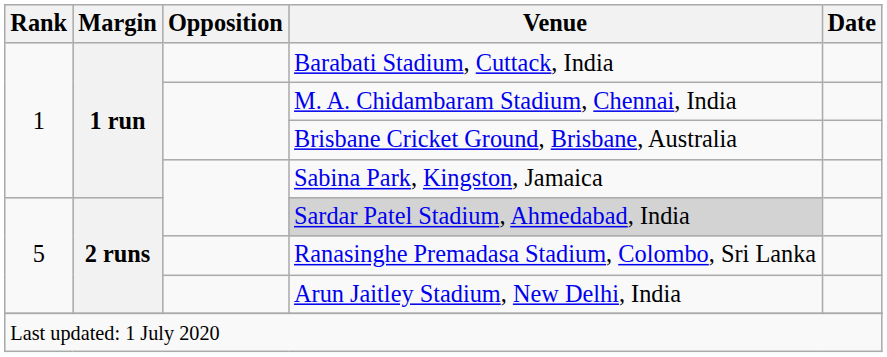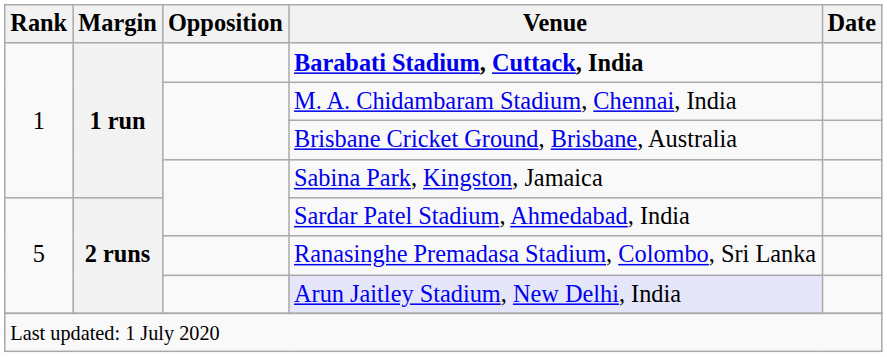 <table class="wikitable sortable">
 <tr>
 <th scope=col>Rank</th>
 <th scope=col>Margin</th>
 <th scope=col>Opposition</th>
 <th scope=col>Venue</th>
 <th scope=col>Date</th>
 </tr>
 <tr>
 <td align=center rowspan=4>1</td>
 <th scope=row style="text-align:center;" rowspan=4>1 run</th>
 <td></td>
-<td><a href='#'>Barabati Stadium</a>, <a href='#'>Cuttack</a>, India</td>
+<td><strong><a href='#'>Barabati Stadium</a>, <a href='#'>Cuttack</a>, India</strong></td>
 <td></td>
 </tr>
 <tr>
 <td rowspan=2></td>
 <td><a href='#'>M. A. Chidambaram Stadium</a>, <a href='#'>Chennai</a>, India</td>
 <td> </td>
 </tr>
 <tr>
 <td><a href='#'>Brisbane Cricket Ground</a>, <a href='#'>Brisbane</a>, Australia</td>
 <td> </td>
 </tr>
 <tr>
 <td rowspan=2></td>
 <td><a href='#'>Sabina Park</a>, <a href='#'>Kingston</a>, Jamaica</td>
 <td></td>
 </tr>
 <tr>
 <td align=center rowspan=3>5</td>
 <th scope=row style=text-align:center; rowspan=3>2 runs</th>
-<td style="background: lightgrey;"><a href='#'>Sardar Patel Stadium</a>, <a href='#'>Ahmedabad</a>, India</td>
+<td><a href='#'>Sardar Patel Stadium</a>, <a href='#'>Ahmedabad</a>, India</td>
 <td></td>
 </tr>
 <tr>
 <td></td>
 <td><a href='#'>Ranasinghe Premadasa Stadium</a>, <a href='#'>Colombo</a>, Sri Lanka</td>
 <td></td>
 </tr>
 <tr>
 <td></td>
-<td><a href='#'>Arun Jaitley Stadium</a>, <a href='#'>New Delhi</a>, India</td>
+<td style="background: lavender;"><a href='#'>Arun Jaitley Stadium</a>, <a href='#'>New Delhi</a>, India</td>
 <td></td>
 </tr>
 <tr>
 </tr>
 <tr class=sortbottom>
 <td colspan=5><small>Last updated: 1 July 2020</small></td>
 </tr>
 </table>
